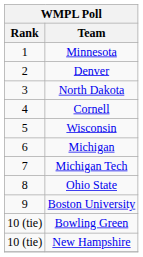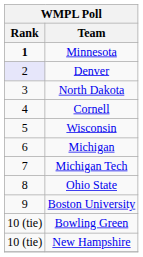 <table class="wikitable" style="text-align:center;">
 <tr>
 <th colspan=2><strong>WMPL Poll</strong></th>
 </tr>
 <tr>
 <th>Rank</th>
 <th>Team</th>
 </tr>
 <tr>
-<td>1</td>
+<td><strong>1</strong></td>
 <td><a href='#'>Minnesota</a></td>
 </tr>
 <tr>
-<td>2</td>
+<td style="background: lavender;">2</td>
 <td><a href='#'>Denver</a></td>
 </tr>
 <tr>
 <td>3</td>
 <td><a href='#'>North Dakota</a></td>
 </tr>
 <tr>
 <td>4</td>
 <td><a href='#'>Cornell</a></td>
 </tr>
 <tr>
 <td>5</td>
 <td><a href='#'>Wisconsin</a></td>
 </tr>
 <tr>
 <td>6</td>
 <td><a href='#'>Michigan</a></td>
 </tr>
 <tr>
 <td>7</td>
 <td><a href='#'>Michigan Tech</a></td>
 </tr>
 <tr>
 <td>8</td>
 <td><a href='#'>Ohio State</a></td>
 </tr>
 <tr>
 <td>9</td>
 <td><a href='#'>Boston University</a></td>
 </tr>
 <tr>
 <td>10 (tie)</td>
 <td><a href='#'>Bowling Green</a></td>
 </tr>
 <tr>
 <td>10 (tie)</td>
 <td><a href='#'>New Hampshire</a></td>
 </tr>
 <tr>
 </tr>
 </table>
